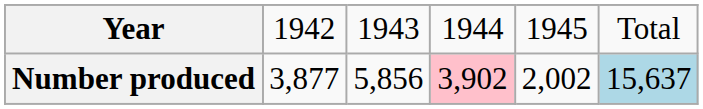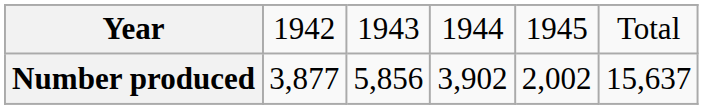 <table class="wikitable">
 <tr style="vertical-align:top; text-align:center;">
 <th>Year</th>
 <td>1942</td>
 <td>1943</td>
 <td>1944</td>
 <td>1945</td>
 <td>Total</td>
 </tr>
 <tr style="vertical-align:top; text-align:center;">
 <th>Number produced</th>
 <td>3,877</td>
 <td>5,856</td>
-<td style="background: pink;">3,902</td>
+<td>3,902</td>
 <td>2,002</td>
-<td style="background: lightblue;">15,637</td>
+<td>15,637</td>
 </tr>
 </table>
